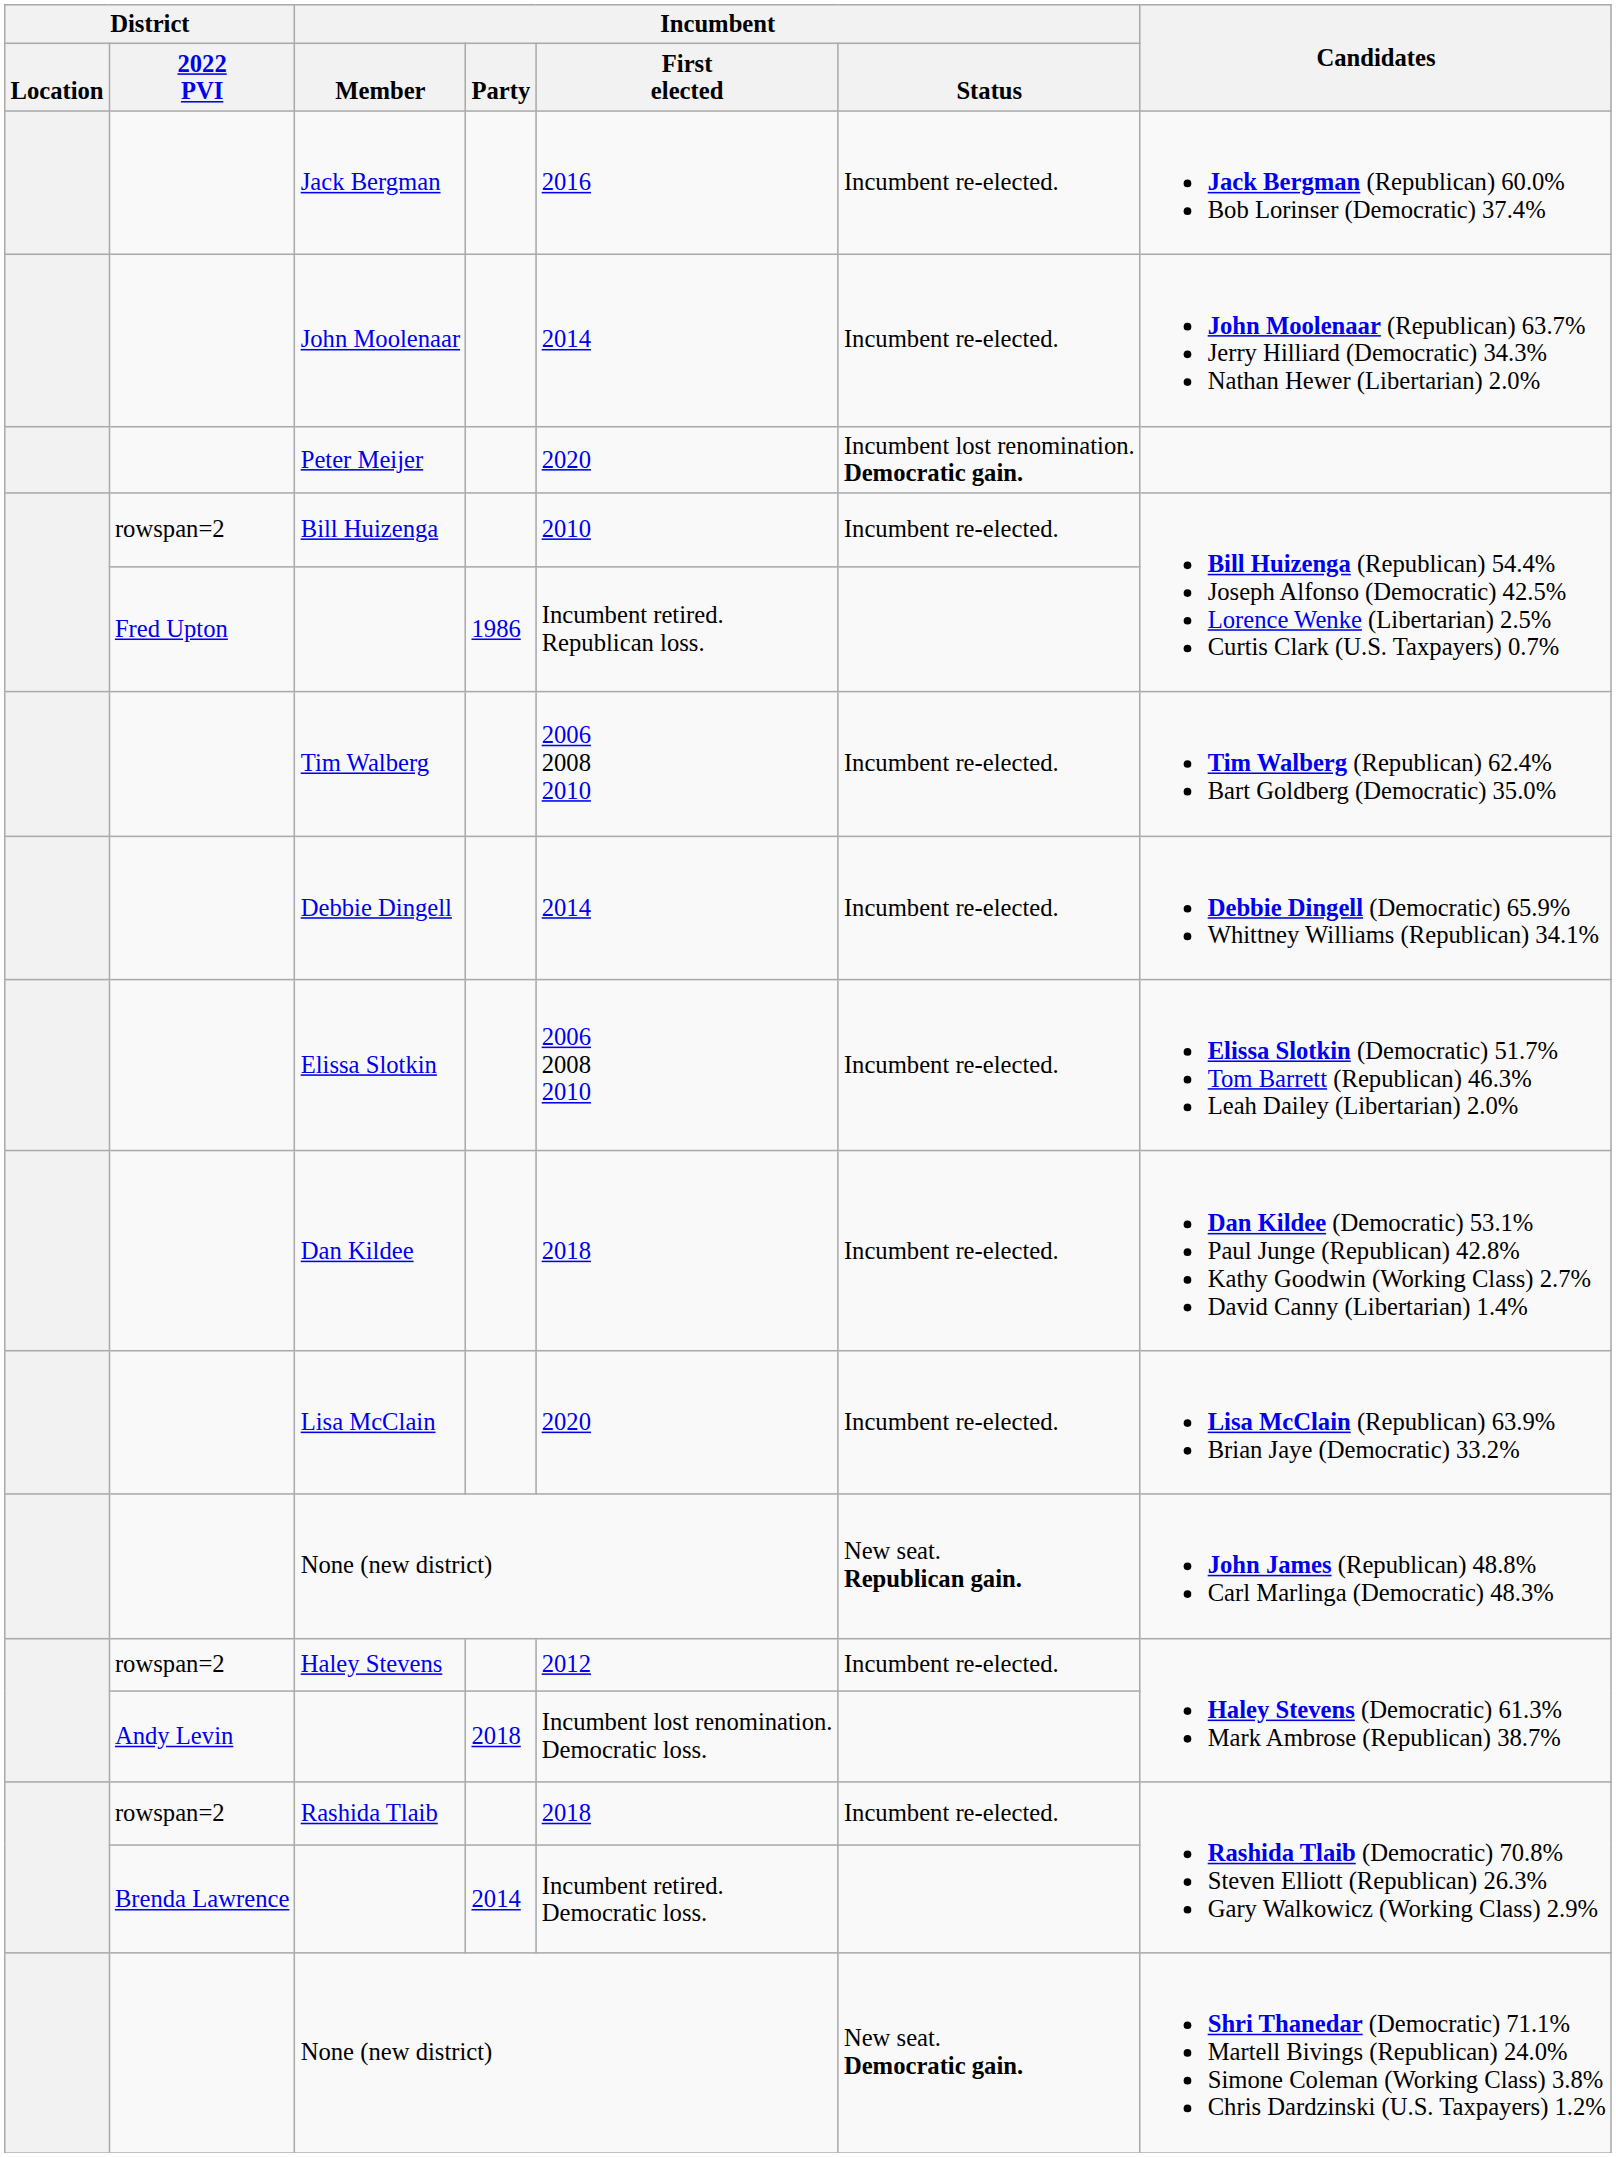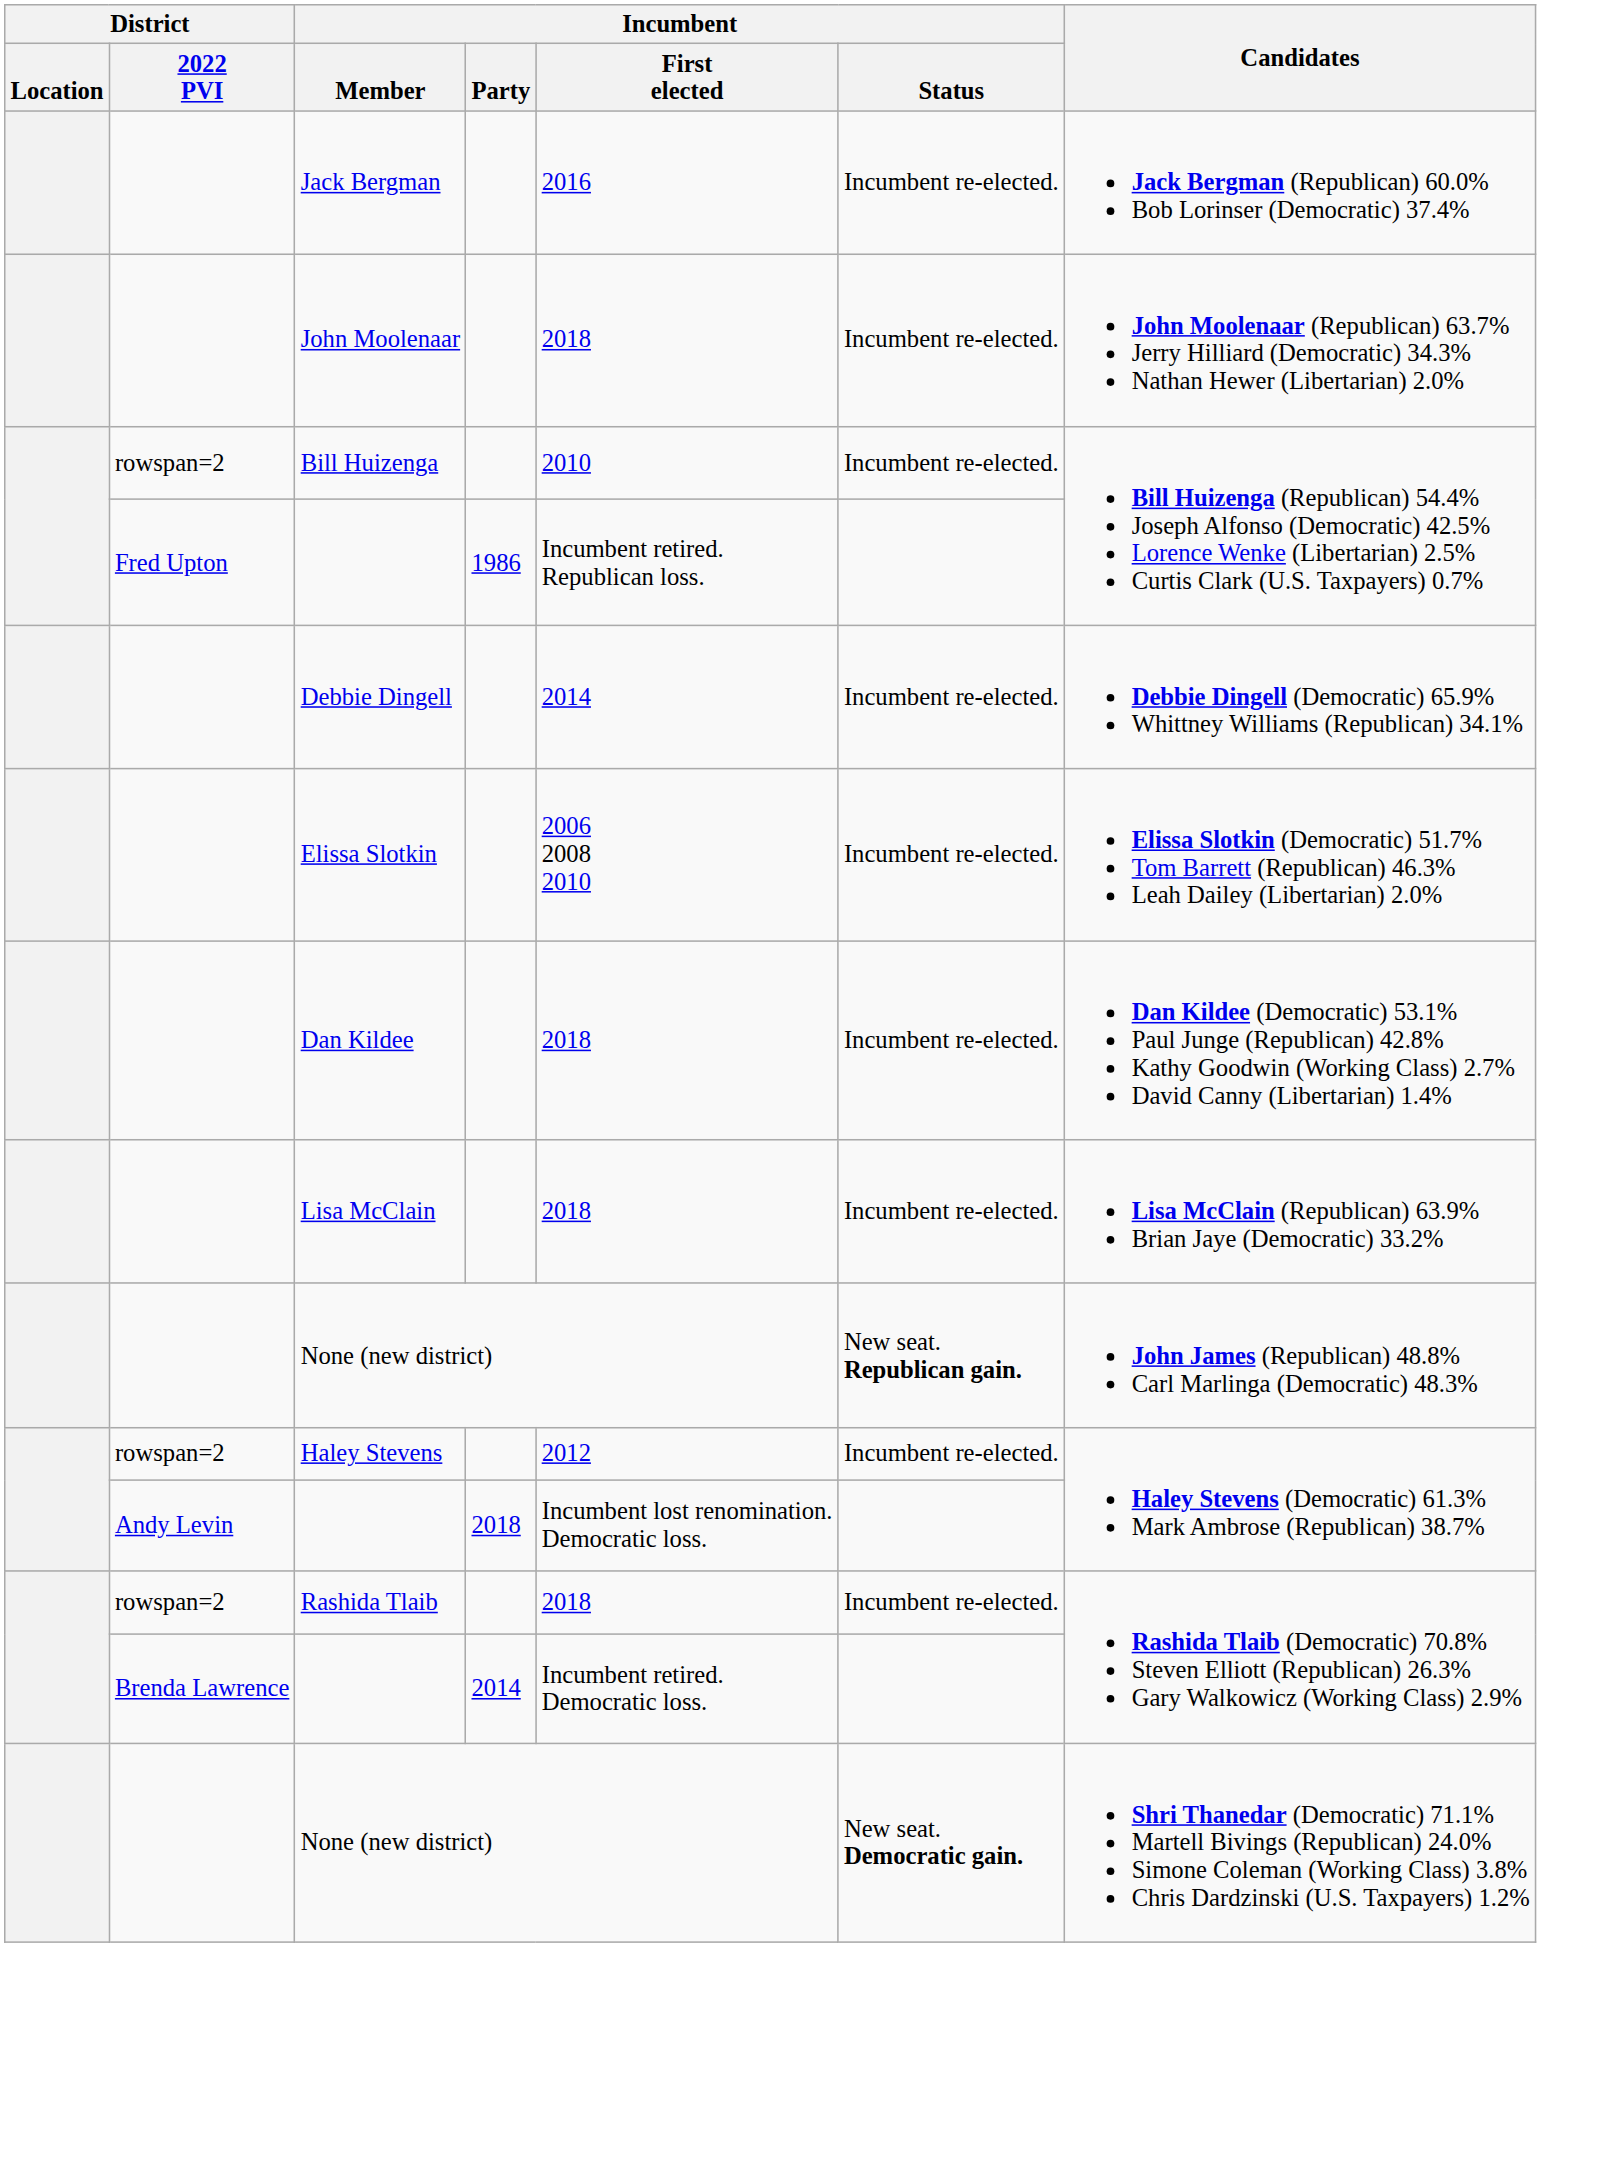 <table class="wikitable sortable">
 <tr>
 <th colspan=2>District</th>
 <th colspan=4>Incumbent</th>
 <th rowspan=2 class="unsortable">Candidates</th>
 </tr>
 <tr valign=bottom>
 <th>Location</th>
 <th><a href='#'>2022<br>PVI</a></th>
 <th>Member</th>
 <th>Party</th>
 <th>First<br>elected</th>
 <th>Status</th>
 </tr>
 <tr>
 <th></th>
 <td></td>
 <td><a href='#'>Jack Bergman</a></td>
 <td></td>
 <td><a href='#'>2016</a></td>
 <td>Incumbent re-elected.</td>
 <td nowrap><br><ul><li> <strong><a href='#'>Jack Bergman</a></strong> (Republican) 60.0%</li><li>Bob Lorinser (Democratic) 37.4%</li></ul></td>
 </tr>
 <tr>
 <th></th>
 <td></td>
 <td><a href='#'>John Moolenaar</a><br></td>
 <td></td>
-<td><a href='#'>2014</a></td>
+<td><a href='#'>2018</a></td>
 <td>Incumbent re-elected.</td>
 <td nowrap><br><ul><li> <strong><a href='#'>John Moolenaar</a></strong> (Republican) 63.7%</li><li>Jerry Hilliard (Democratic) 34.3%</li><li>Nathan Hewer (Libertarian) 2.0%</li></ul></td>
-</tr>
-<tr>
-<th></th>
-<td></td>
-<td><a href='#'>Peter Meijer</a></td>
-<td></td>
-<td><a href='#'>2020</a></td>
-<td>Incumbent lost renomination.<br><strong>Democratic gain.</strong></td>
-<td nowrap></td>
 </tr>
 <tr>
 <th rowspan=2></th>
 <td>rowspan=2 </td>
 <td><a href='#'>Bill Huizenga</a><br></td>
 <td></td>
 <td><a href='#'>2010</a></td>
 <td>Incumbent re-elected.</td>
 <td rowspan=2 nowrap><br><ul><li> <strong><a href='#'>Bill Huizenga</a></strong> (Republican) 54.4%</li><li>Joseph Alfonso (Democratic) 42.5%</li><li><a href='#'>Lorence Wenke</a> (Libertarian) 2.5%</li><li>Curtis Clark (U.S. Taxpayers) 0.7%</li></ul></td>
 </tr>
 <tr>
 <td><a href='#'>Fred Upton</a><br></td>
 <td></td>
 <td><a href='#'>1986</a></td>
 <td>Incumbent retired.<br>Republican loss.</td>
-</tr>
-<tr>
-<th></th>
-<td></td>
-<td><a href='#'>Tim Walberg</a><br></td>
-<td></td>
-<td><a href='#'>2006</a><br>2008 <br><a href='#'>2010</a></td>
-<td>Incumbent re-elected.</td>
-<td nowrap><br><ul><li> <strong><a href='#'>Tim Walberg</a></strong> (Republican) 62.4%</li><li>Bart Goldberg (Democratic) 35.0%</li></ul></td>
 </tr>
 <tr>
 <th></th>
 <td></td>
 <td><a href='#'>Debbie Dingell</a><br></td>
 <td></td>
 <td><a href='#'>2014</a></td>
 <td>Incumbent re-elected.</td>
 <td nowrap><br><ul><li> <strong><a href='#'>Debbie Dingell</a></strong> (Democratic) 65.9%</li><li>Whittney Williams (Republican) 34.1%</li></ul></td>
 </tr>
 <tr>
 <th></th>
 <td></td>
 <td><a href='#'>Elissa Slotkin</a><br></td>
 <td></td>
 <td><a href='#'>2006</a><br>2008 <br><a href='#'>2010</a></td>
 <td>Incumbent re-elected.</td>
 <td nowrap><br><ul><li> <strong><a href='#'>Elissa Slotkin</a></strong> (Democratic) 51.7%</li><li><a href='#'>Tom Barrett</a> (Republican) 46.3%</li><li>Leah Dailey (Libertarian) 2.0%</li></ul></td>
 </tr>
 <tr>
 <th></th>
 <td></td>
 <td><a href='#'>Dan Kildee</a><br></td>
 <td></td>
 <td><a href='#'>2018</a></td>
 <td>Incumbent re-elected.</td>
 <td nowrap><br><ul><li> <strong><a href='#'>Dan Kildee</a></strong> (Democratic) 53.1%</li><li>Paul Junge (Republican) 42.8%</li><li>Kathy Goodwin (Working Class) 2.7%</li><li>David Canny (Libertarian) 1.4%</li></ul></td>
 </tr>
 <tr>
 <th></th>
 <td></td>
 <td><a href='#'>Lisa McClain</a><br></td>
 <td></td>
-<td><a href='#'>2020</a></td>
+<td><a href='#'>2018</a></td>
 <td>Incumbent re-elected.</td>
 <td nowrap><br><ul><li> <strong><a href='#'>Lisa McClain</a></strong> (Republican) 63.9%</li><li>Brian Jaye (Democratic) 33.2%</li></ul></td>
 </tr>
 <tr>
 <th></th>
 <td></td>
 <td colspan=3>None (new district)</td>
 <td>New seat.<br><strong>Republican gain.</strong></td>
 <td nowrap><br><ul><li> <strong><a href='#'>John James</a></strong> (Republican) 48.8%</li><li>Carl Marlinga (Democratic) 48.3%</li></ul></td>
 </tr>
 <tr>
 <th rowspan=2></th>
 <td>rowspan=2 </td>
 <td><a href='#'>Haley Stevens</a></td>
 <td></td>
 <td><a href='#'>2012</a></td>
 <td>Incumbent re-elected.</td>
 <td rowspan=2 nowrap><br><ul><li> <strong><a href='#'>Haley Stevens</a></strong> (Democratic) 61.3%</li><li>Mark Ambrose (Republican) 38.7%</li></ul></td>
 </tr>
 <tr>
 <td><a href='#'>Andy Levin</a><br></td>
 <td></td>
 <td><a href='#'>2018</a></td>
 <td>Incumbent lost renomination.<br>Democratic loss.</td>
 </tr>
 <tr>
 <th rowspan=2></th>
 <td>rowspan=2 </td>
 <td><a href='#'>Rashida Tlaib</a><br></td>
 <td></td>
 <td><a href='#'>2018</a></td>
 <td>Incumbent re-elected.</td>
 <td rowspan=2 nowrap><br><ul><li> <strong><a href='#'>Rashida Tlaib</a></strong> (Democratic) 70.8%</li><li>Steven Elliott (Republican) 26.3%</li><li>Gary Walkowicz (Working Class) 2.9%</li></ul></td>
 </tr>
 <tr>
 <td><a href='#'>Brenda Lawrence</a><br></td>
 <td></td>
 <td><a href='#'>2014</a></td>
 <td>Incumbent retired.<br>Democratic loss.</td>
 </tr>
 <tr>
 <th></th>
 <td></td>
 <td colspan=3>None (new district)</td>
 <td>New seat.<br><strong>Democratic gain.</strong></td>
 <td nowrap><br><ul><li> <strong><a href='#'>Shri Thanedar</a></strong> (Democratic) 71.1%</li><li>Martell Bivings (Republican) 24.0%</li><li>Simone Coleman (Working Class) 3.8%</li><li>Chris Dardzinski (U.S. Taxpayers) 1.2%</li></ul></td>
 </tr>
 </table>
